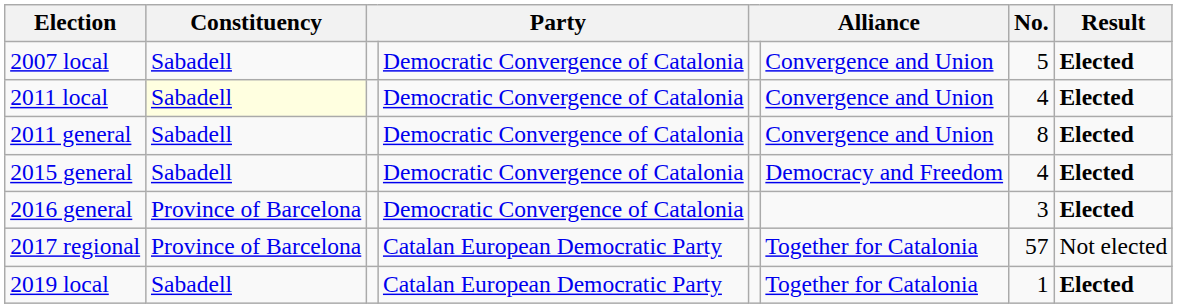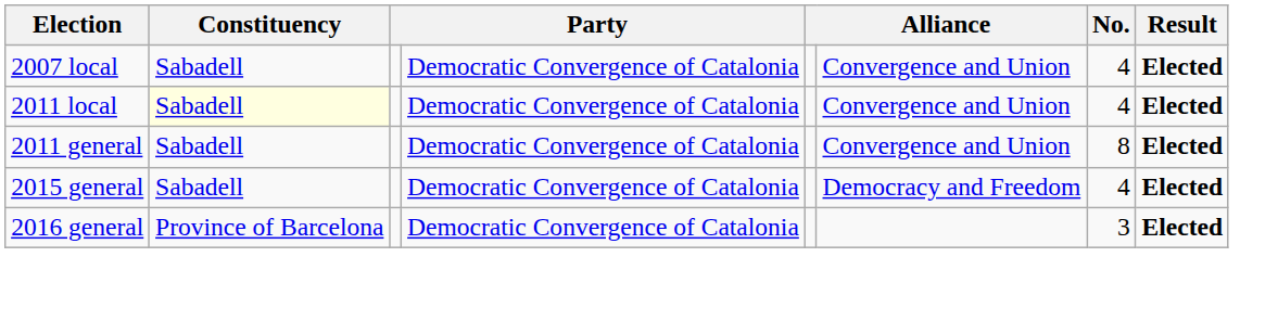 <table class="wikitable" style="text-align:left;">
 <tr>
 <th scope=col>Election</th>
 <th scope=col>Constituency</th>
 <th scope=col colspan="2">Party</th>
 <th scope=col colspan="2">Alliance</th>
 <th scope=col>No.</th>
 <th scope=col>Result</th>
 </tr>
 <tr>
 <td><a href='#'>2007 local</a></td>
 <td><a href='#'>Sabadell</a></td>
 <td style="background:"></td>
 <td><a href='#'>Democratic Convergence of Catalonia</a></td>
 <td style="background:"></td>
 <td><a href='#'>Convergence and Union</a></td>
-<td align=right>5</td>
+<td align=right>4</td>
 <td><strong>Elected</strong></td>
 </tr>
 <tr>
 <td><a href='#'>2011 local</a></td>
 <td style="background: lightyellow;"><a href='#'>Sabadell</a></td>
 <td style="background:"></td>
 <td><a href='#'>Democratic Convergence of Catalonia</a></td>
 <td style="background:"></td>
 <td><a href='#'>Convergence and Union</a></td>
 <td align=right>4</td>
 <td><strong>Elected</strong></td>
 </tr>
 <tr>
 <td><a href='#'>2011 general</a></td>
 <td><a href='#'>Sabadell</a></td>
 <td style="background:"></td>
 <td><a href='#'>Democratic Convergence of Catalonia</a></td>
 <td style="background:"></td>
 <td><a href='#'>Convergence and Union</a></td>
 <td align=right>8</td>
 <td><strong>Elected</strong></td>
 </tr>
 <tr>
 <td><a href='#'>2015 general</a></td>
 <td><a href='#'>Sabadell</a></td>
 <td style="background:"></td>
 <td><a href='#'>Democratic Convergence of Catalonia</a></td>
 <td style="background:"></td>
 <td><a href='#'>Democracy and Freedom</a></td>
 <td align=right>4</td>
 <td><strong>Elected</strong></td>
 </tr>
 <tr>
 <td><a href='#'>2016 general</a></td>
 <td><a href='#'>Province of Barcelona</a></td>
 <td style="background:"></td>
 <td><a href='#'>Democratic Convergence of Catalonia</a></td>
 <td></td>
 <td></td>
 <td align=right>3</td>
 <td><strong>Elected</strong></td>
 </tr>
-<tr>
-<td><a href='#'>2017 regional</a></td>
-<td><a href='#'>Province of Barcelona</a></td>
-<td style="background:"></td>
-<td><a href='#'>Catalan European Democratic Party</a></td>
-<td style="background:"></td>
-<td><a href='#'>Together for Catalonia</a></td>
-<td align=right>57</td>
-<td>Not elected</td>
-</tr>
-<tr>
-<td><a href='#'>2019 local</a></td>
-<td><a href='#'>Sabadell</a></td>
-<td style="background:"></td>
-<td><a href='#'>Catalan European Democratic Party</a></td>
-<td style="background:"></td>
-<td><a href='#'>Together for Catalonia</a></td>
-<td align=right>1</td>
-<td><strong>Elected</strong></td>
-</tr>
 </table>
